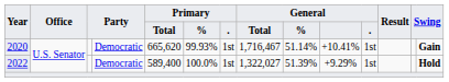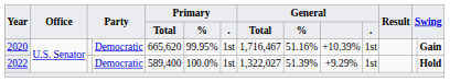 <table class="wikitable" style="font-size:90%; text-align:center;">
 <tr>
 <th style="background-color:#EAECF0;" rowspan=2>Year</th>
 <th style="background-color:#EAECF0;" rowspan=2>Office</th>
 <th style="background-color:#EAECF0;" colspan=2 rowspan=2>Party</th>
 <th style="background-color:#EAECF0;" colspan=3>Primary</th>
 <th style="background-color:#EAECF0;" colspan=4>General</th>
 <th style="background-color:#EAECF0;" rowspan=2>Result</th>
 <th style="background-color:#EAECF0;" colspan=2 rowspan=2><a href='#'>Swing</a></th>
 </tr>
 <tr>
 <th style="background-color:#EAECF0;">Total</th>
 <th style="background-color:#EAECF0;">%</th>
 <th style="background-color:#EAECF0;">.</th>
 <th style="background-color:#EAECF0;">Total</th>
 <th style="background-color:#EAECF0;">%</th>
 <th style="background-color:#EAECF0;"></th>
 <th style="background-color:#EAECF0;">.</th>
 </tr>
 <tr>
 <td style="background-color:#EAECF0;"><a href='#'>2020</a></td>
 <td rowspan=2><a href='#'>U.S. Senator</a></td>
 <td style="background-color:"></td>
 <td><a href='#'>Democratic</a></td>
 <td>665,620</td>
-<td>99.93%</td>
+<td>99.95%</td>
 <td>1st</td>
 <td>1,716,467</td>
-<td>51.14%</td>
-<td>+10.41%</td>
+<td>51.16%</td>
+<td>+10.39%</td>
 <td>1st</td>
 <td></td>
 <td style="background-color:"></td>
 <td><strong>Gain</strong></td>
 </tr>
 <tr>
 <td style="background-color:#EAECF0;"><a href='#'>2022</a></td>
 <td style="background-color:"></td>
 <td><a href='#'>Democratic</a></td>
 <td>589,400</td>
 <td>100.0%</td>
 <td>1st</td>
 <td>1,322,027</td>
 <td>51.39%</td>
 <td>+9.29%</td>
 <td>1st</td>
 <td></td>
 <td style="background-color: "></td>
 <td><strong>Hold</strong></td>
 </tr>
 <tr>
 <th style="background-color:#EAECF0;" colspan=14></th>
 </tr>
 </table>
